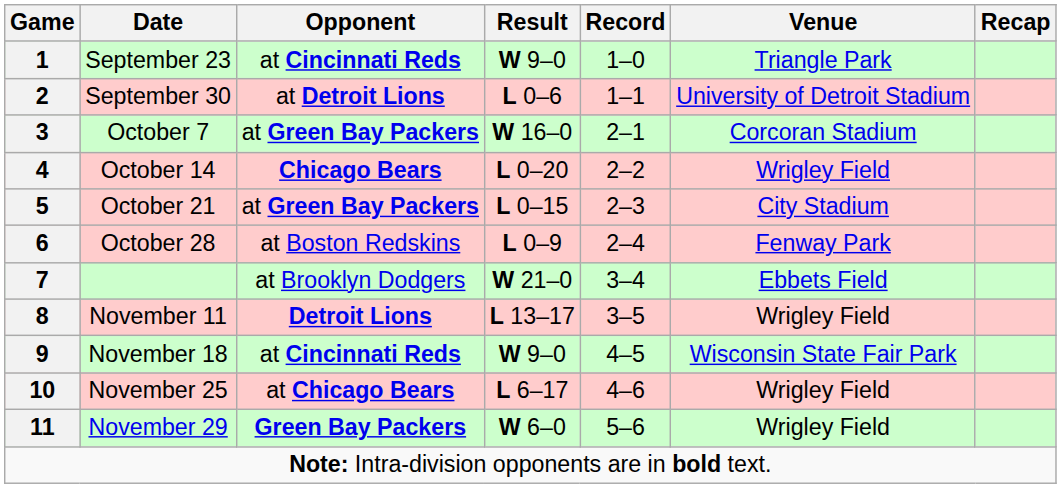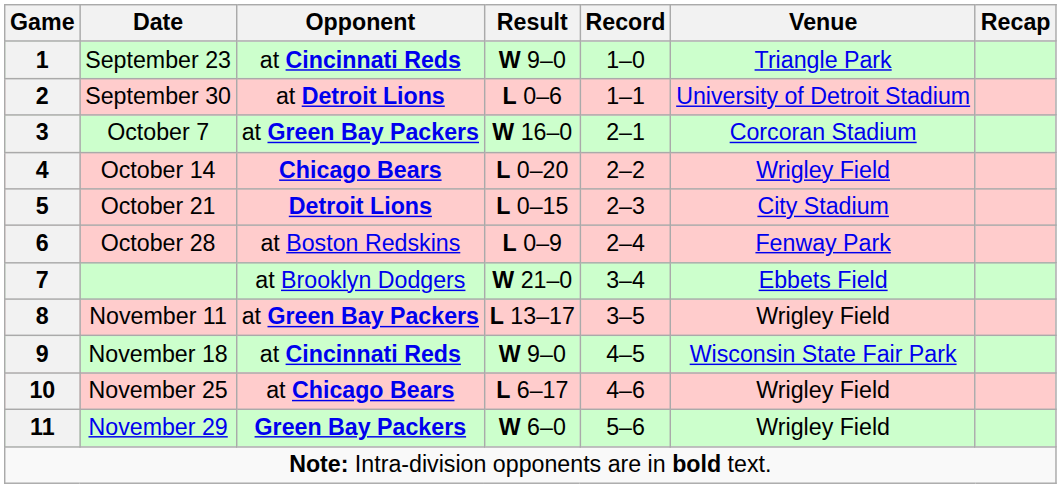 <table class="wikitable" style="text-align:center">
 <tr>
 <th>Game</th>
 <th>Date</th>
 <th>Opponent</th>
 <th>Result</th>
 <th>Record</th>
 <th>Venue</th>
 <th>Recap</th>
 </tr>
 <tr style="background:#cfc">
 <th>1</th>
 <td>September 23</td>
 <td>at <strong><a href='#'>Cincinnati Reds</a></strong></td>
 <td><strong>W</strong> 9–0</td>
 <td>1–0</td>
 <td><a href='#'>Triangle Park</a></td>
 <td></td>
 </tr>
 <tr style="background:#fcc">
 <th>2</th>
 <td>September 30</td>
 <td>at <strong><a href='#'>Detroit Lions</a></strong></td>
 <td><strong>L</strong> 0–6</td>
 <td>1–1</td>
 <td><a href='#'>University of Detroit Stadium</a></td>
 <td></td>
 </tr>
 <tr style="background:#cfc">
 <th>3</th>
 <td>October 7</td>
 <td>at <strong><a href='#'>Green Bay Packers</a></strong></td>
 <td><strong>W</strong> 16–0</td>
 <td>2–1</td>
 <td><a href='#'>Corcoran Stadium</a></td>
 <td></td>
 </tr>
 <tr style="background:#fcc">
 <th>4</th>
 <td>October 14</td>
 <td><strong><a href='#'>Chicago Bears</a></strong></td>
 <td><strong>L</strong> 0–20</td>
 <td>2–2</td>
 <td><a href='#'>Wrigley Field</a></td>
 <td></td>
 </tr>
 <tr style="background:#fcc">
 <th>5</th>
 <td>October 21</td>
-<td>at <strong><a href='#'>Green Bay Packers</a></strong></td>
+<td><strong><a href='#'>Detroit Lions</a></strong></td>
 <td><strong>L</strong> 0–15</td>
 <td>2–3</td>
 <td><a href='#'>City Stadium</a></td>
 <td></td>
 </tr>
 <tr style="background:#fcc">
 <th>6</th>
 <td>October 28</td>
 <td>at <a href='#'>Boston Redskins</a></td>
 <td><strong>L</strong> 0–9</td>
 <td>2–4</td>
 <td><a href='#'>Fenway Park</a></td>
 <td></td>
 </tr>
 <tr style="background:#cfc">
 <th>7</th>
 <td></td>
 <td>at <a href='#'>Brooklyn Dodgers</a></td>
 <td><strong>W</strong> 21–0</td>
 <td>3–4</td>
 <td><a href='#'>Ebbets Field</a></td>
 <td></td>
 </tr>
 <tr style="background:#fcc">
 <th>8</th>
 <td>November 11</td>
-<td><strong><a href='#'>Detroit Lions</a></strong></td>
+<td>at <strong><a href='#'>Green Bay Packers</a></strong></td>
 <td><strong>L</strong> 13–17</td>
 <td>3–5</td>
 <td>Wrigley Field</td>
 <td></td>
 </tr>
 <tr style="background:#cfc">
 <th>9</th>
 <td>November 18</td>
 <td>at <strong><a href='#'>Cincinnati Reds</a></strong></td>
 <td><strong>W</strong> 9–0</td>
 <td>4–5</td>
 <td><a href='#'>Wisconsin State Fair Park</a></td>
 <td></td>
 </tr>
 <tr style="background:#fcc">
 <th>10</th>
 <td>November 25</td>
 <td>at <strong><a href='#'>Chicago Bears</a></strong></td>
 <td><strong>L</strong> 6–17</td>
 <td>4–6</td>
 <td>Wrigley Field</td>
 <td></td>
 </tr>
 <tr style="background:#cfc">
 <th>11</th>
 <td><a href='#'>November 29</a></td>
 <td><strong><a href='#'>Green Bay Packers</a></strong></td>
 <td><strong>W</strong> 6–0</td>
 <td>5–6</td>
 <td>Wrigley Field</td>
 <td></td>
 </tr>
 <tr>
 <td colspan="8"><strong>Note:</strong> Intra-division opponents are in <strong>bold</strong> text.</td>
 </tr>
 </table>
